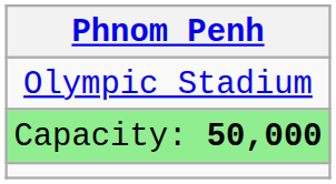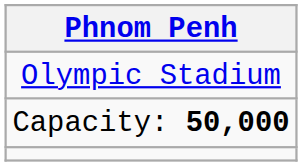 <table class="wikitable" style="text-align:center;margin:1em auto;">
 <tr>
 <th colspan="1"><a href='#'>Phnom Penh</a></th>
 </tr>
 <tr>
 <td><a href='#'>Olympic Stadium</a></td>
 </tr>
 <tr>
-<td style="background: lightgreen;">Capacity: <strong>	50,000</strong></td>
+<td>Capacity: <strong>	50,000</strong></td>
 </tr>
 <tr>
 <td></td>
 </tr>
 </table>
